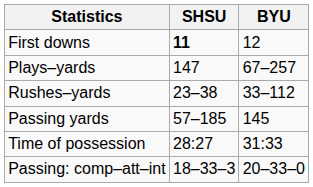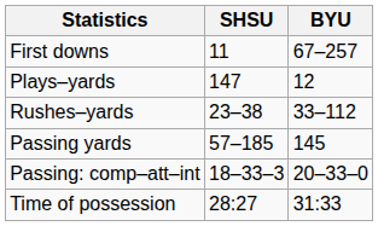 <table class="wikitable" style="float:left">
 <tr>
 <th>Statistics</th>
 <th>SHSU</th>
 <th>BYU</th>
 </tr>
 <tr>
 <td>First downs</td>
-<td><strong>11</strong></td>
-<td>12</td>
+<td>11</td>
+<td>67–257</td>
 </tr>
 <tr>
 <td>Plays–yards</td>
 <td>147</td>
-<td>67–257</td>
+<td>12</td>
 </tr>
 <tr>
 <td>Rushes–yards</td>
 <td>23–38</td>
 <td>33–112</td>
 </tr>
 <tr>
 <td>Passing yards</td>
 <td>57–185</td>
 <td>145</td>
 </tr>
 <tr>
+<td>Passing: comp–att–int</td>
+<td>18–33–3</td>
+<td>20–33–0</td>
+</tr>
+<tr>
 <td>Time of possession</td>
 <td>28:27</td>
 <td>31:33</td>
 </tr>
 <tr>
-<td>Passing: comp–att–int</td>
-<td>18–33–3</td>
-<td>20–33–0</td>
-</tr>
-<tr>
 </tr>
 </table>
